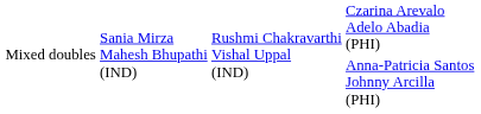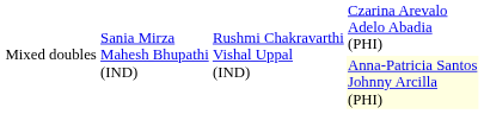 <table>
 <tr>
 <td rowspan=2>Mixed doubles</td>
 <td rowspan=2> <a href='#'>Sania Mirza</a><br> <a href='#'>Mahesh Bhupathi</a><br>(IND)</td>
 <td rowspan=2> <a href='#'>Rushmi Chakravarthi</a><br> <a href='#'>Vishal Uppal</a><br>(IND)</td>
 <td> <a href='#'>Czarina Arevalo</a><br> <a href='#'>Adelo Abadia</a><br>(PHI)</td>
 </tr>
 <tr>
-<td> <a href='#'>Anna-Patricia Santos</a><br> <a href='#'>Johnny Arcilla</a><br>(PHI)</td>
+<td style="background: lightyellow;"> <a href='#'>Anna-Patricia Santos</a><br> <a href='#'>Johnny Arcilla</a><br>(PHI)</td>
 </tr>
 </table>
